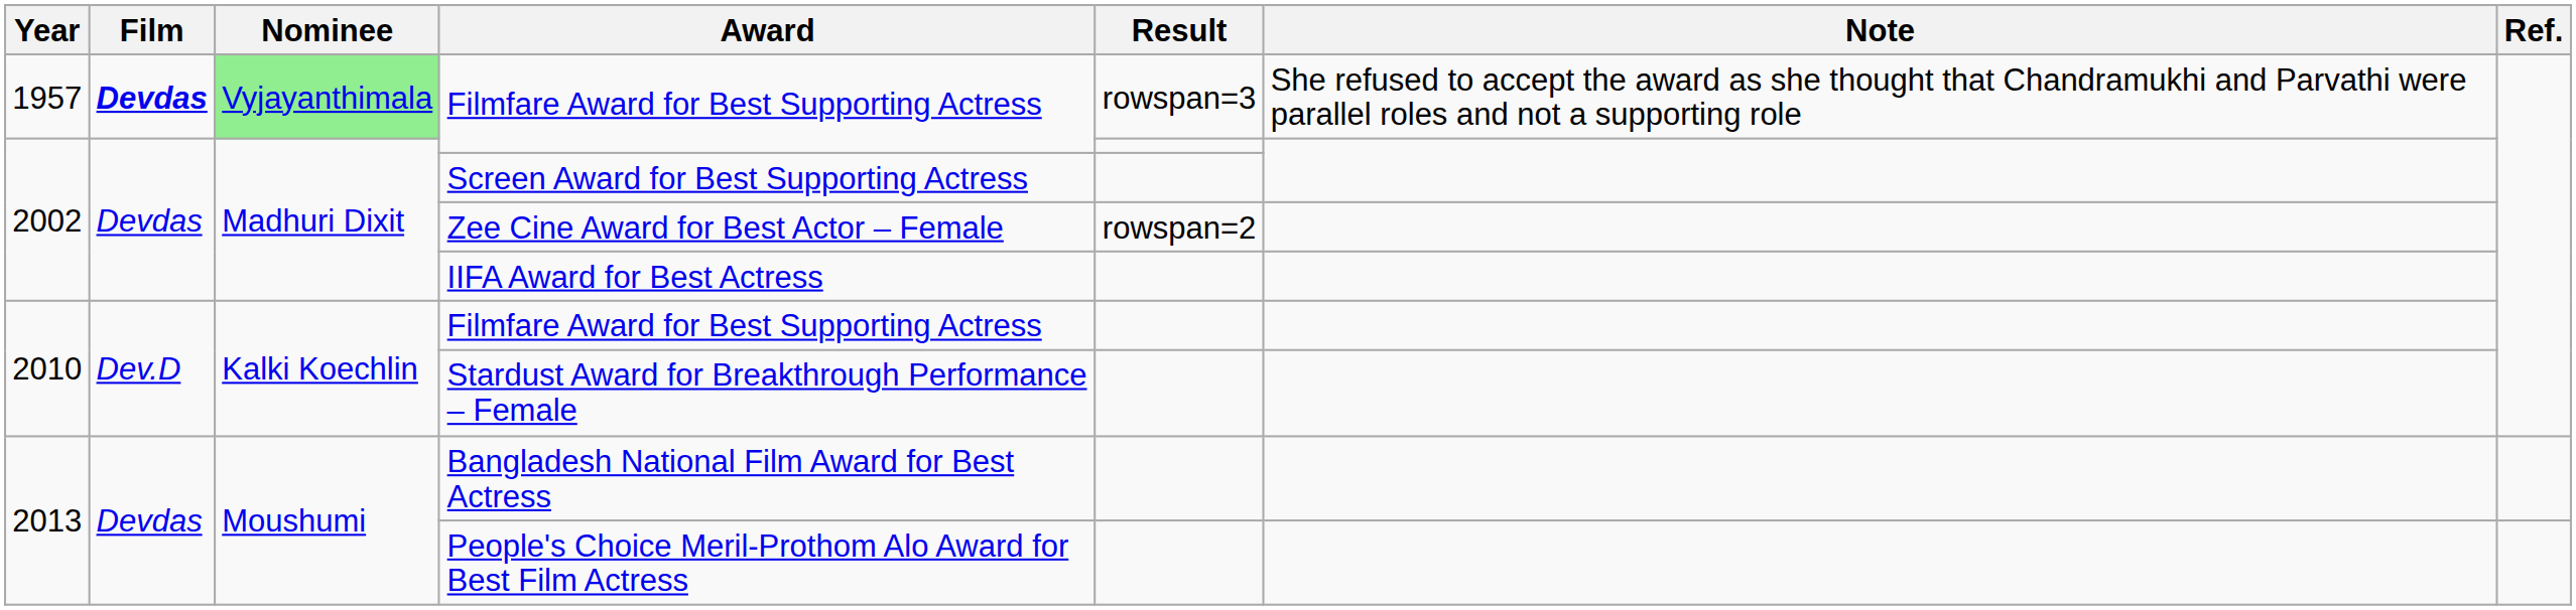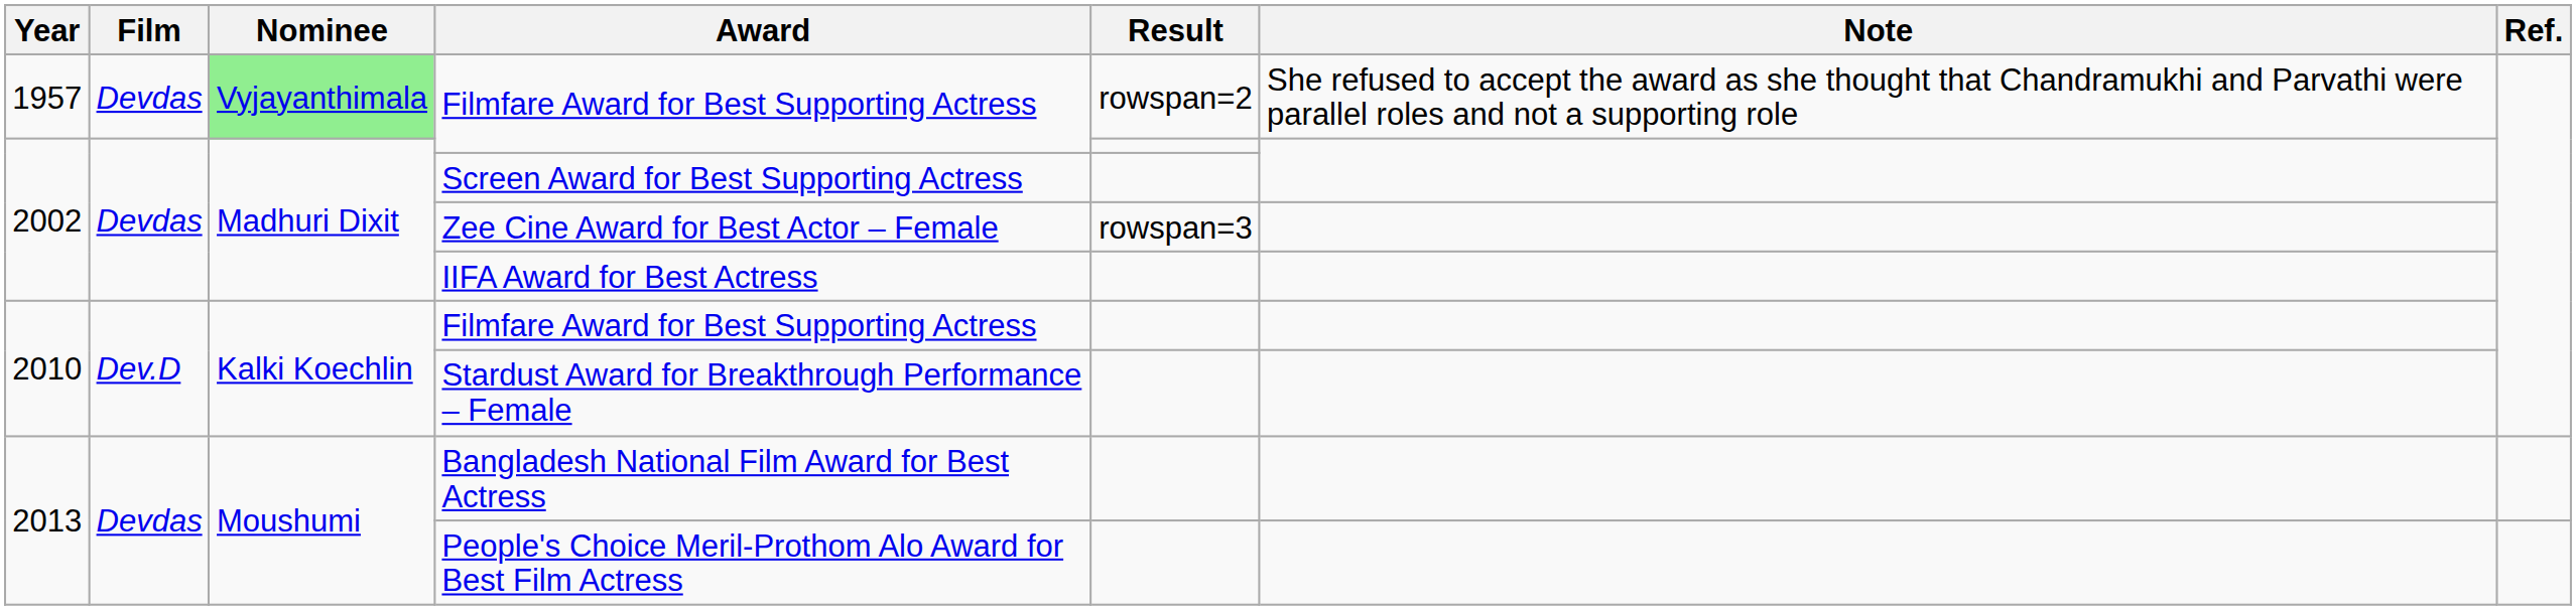 <table class="wikitable" style="font-size:95%;">
 <tr>
 <th>Year</th>
 <th>Film</th>
 <th>Nominee</th>
 <th>Award</th>
 <th>Result</th>
 <th>Note</th>
 <th>Ref.</th>
 </tr>
 <tr>
 <td>1957</td>
-<td><strong><a href='#'><em>Devdas</em></a></strong></td>
+<td><a href='#'><em>Devdas</em></a></td>
 <td style="background: lightgreen;"><a href='#'>Vyjayanthimala</a></td>
 <td rowspan="2"><a href='#'>Filmfare Award for Best Supporting Actress</a></td>
-<td>rowspan=3 </td>
+<td>rowspan=2 </td>
 <td>She refused to accept the award as she thought that Chandramukhi and Parvathi were parallel roles and not a supporting role</td>
 <td rowspan="7"><br><br><br><br></td>
 </tr>
 <tr>
 <td rowspan=4>2002</td>
 <td rowspan=4><a href='#'><em>Devdas</em></a></td>
 <td rowspan=4><a href='#'>Madhuri Dixit</a></td>
 <td></td>
 </tr>
 <tr>
 <td><a href='#'>Screen Award for Best Supporting Actress</a></td>
 <td></td>
 </tr>
 <tr>
 <td><a href='#'>Zee Cine Award for Best Actor – Female</a></td>
-<td>rowspan=2 </td>
+<td>rowspan=3 </td>
 <td></td>
 </tr>
 <tr>
 <td><a href='#'>IIFA Award for Best Actress</a></td>
 <td></td>
 </tr>
 <tr>
 <td rowspan=2>2010</td>
 <td rowspan=2><em><a href='#'>Dev.D</a></em></td>
 <td rowspan=2><a href='#'>Kalki Koechlin</a></td>
 <td><a href='#'>Filmfare Award for Best Supporting Actress</a></td>
 <td></td>
 <td></td>
 </tr>
 <tr>
 <td><a href='#'>Stardust Award for Breakthrough Performance – Female</a></td>
 <td></td>
 <td></td>
 </tr>
 <tr>
 <td rowspan="2">2013</td>
 <td rowspan="2"><em><a href='#'>Devdas</a></em></td>
 <td rowspan="2"><a href='#'>Moushumi</a></td>
 <td><a href='#'>Bangladesh National Film Award for Best Actress</a></td>
 <td></td>
 <td></td>
 <td></td>
 </tr>
 <tr>
 <td><a href='#'>People's Choice Meril-Prothom Alo Award for Best Film Actress</a></td>
 <td></td>
 <td></td>
 </tr>
 </table>
